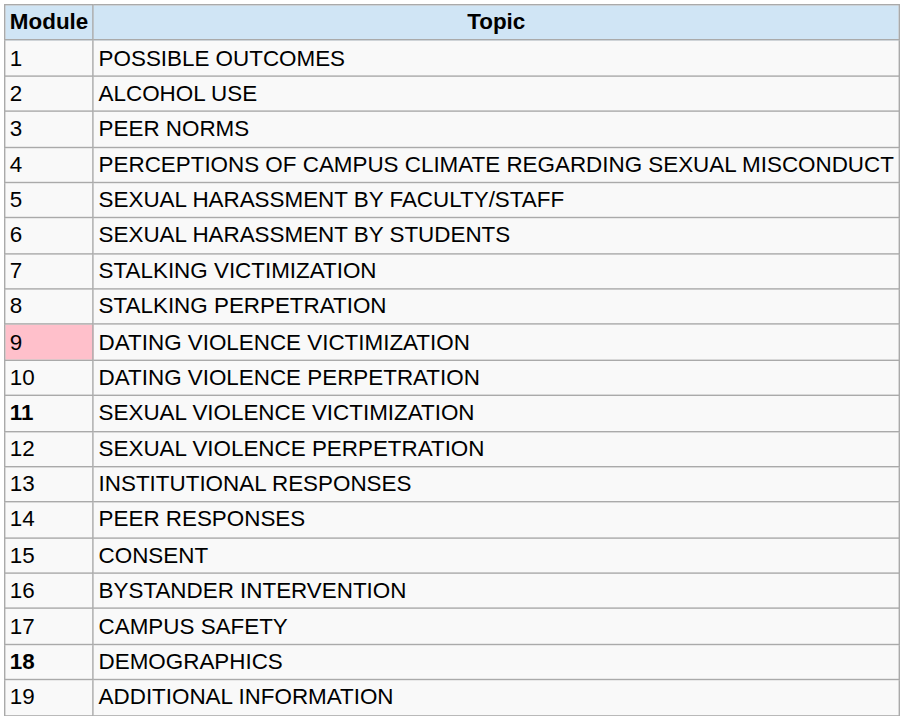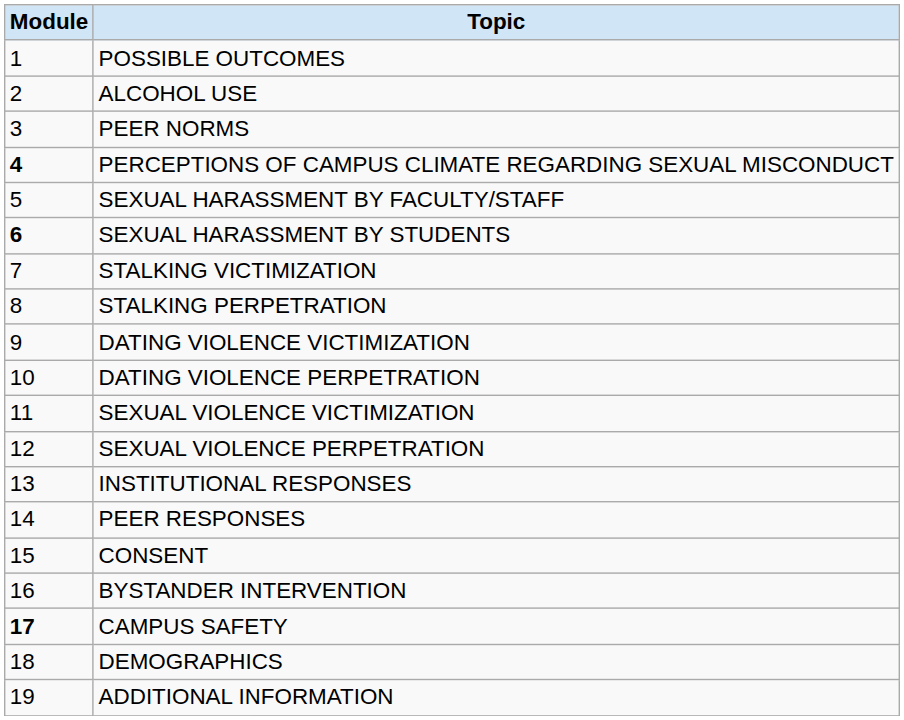 <table class="wikitable">
 <tr>
 <th style="background:#d0e5f5">Module</th>
 <th style="background:#d0e5f5">Topic</th>
 </tr>
 <tr valign="top">
 <td>1</td>
 <td>POSSIBLE OUTCOMES</td>
 </tr>
 <tr>
 <td>2</td>
 <td>ALCOHOL USE</td>
 </tr>
 <tr>
 <td>3</td>
 <td>PEER NORMS</td>
 </tr>
 <tr>
-<td>4</td>
+<td><strong>4</strong></td>
 <td>PERCEPTIONS OF CAMPUS CLIMATE REGARDING SEXUAL MISCONDUCT</td>
 </tr>
 <tr>
 <td>5</td>
 <td>SEXUAL HARASSMENT BY FACULTY/STAFF</td>
 </tr>
 <tr>
-<td>6</td>
+<td><strong>6</strong></td>
 <td>SEXUAL HARASSMENT BY STUDENTS</td>
 </tr>
 <tr>
 <td>7</td>
 <td>STALKING VICTIMIZATION</td>
 </tr>
 <tr>
 <td>8</td>
 <td>STALKING PERPETRATION</td>
 </tr>
 <tr>
-<td style="background: pink;">9</td>
+<td>9</td>
 <td>DATING VIOLENCE VICTIMIZATION</td>
 </tr>
 <tr>
 <td>10</td>
 <td>DATING VIOLENCE PERPETRATION</td>
 </tr>
 <tr>
-<td><strong>11</strong></td>
+<td>11</td>
 <td>SEXUAL VIOLENCE VICTIMIZATION</td>
 </tr>
 <tr>
 <td>12</td>
 <td>SEXUAL VIOLENCE PERPETRATION</td>
 </tr>
 <tr>
 <td>13</td>
 <td>INSTITUTIONAL RESPONSES</td>
 </tr>
 <tr>
 <td>14</td>
 <td>PEER RESPONSES</td>
 </tr>
 <tr>
 <td>15</td>
 <td>CONSENT</td>
 </tr>
 <tr>
 <td>16</td>
 <td>BYSTANDER INTERVENTION</td>
 </tr>
 <tr>
-<td>17</td>
+<td><strong>17</strong></td>
 <td>CAMPUS SAFETY</td>
 </tr>
 <tr>
-<td><strong>18</strong></td>
+<td>18</td>
 <td>DEMOGRAPHICS</td>
 </tr>
 <tr>
 <td>19</td>
 <td>ADDITIONAL INFORMATION</td>
 </tr>
 </table>
